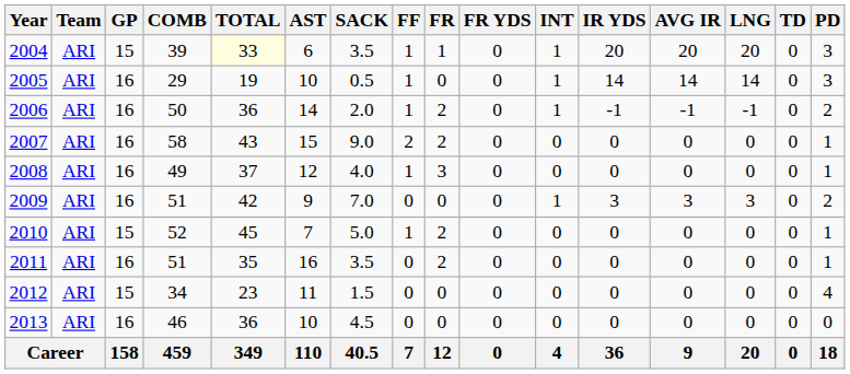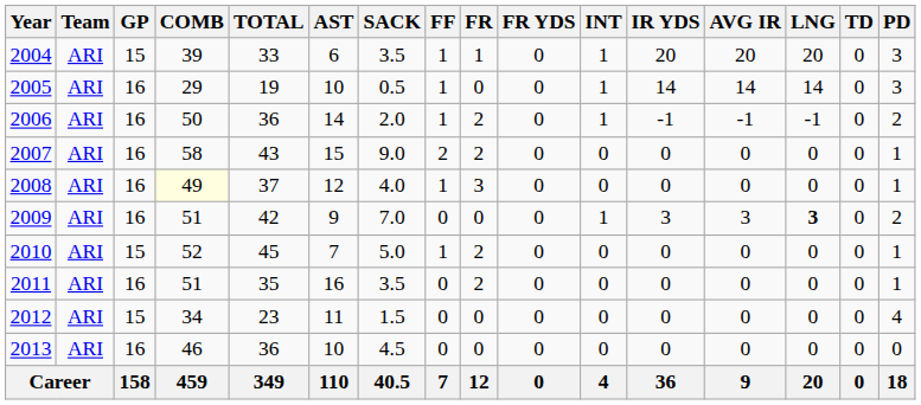 <table class="wikitable" style="text-align:center">
 <tr>
 <th>Year</th>
 <th>Team</th>
 <th>GP</th>
 <th>COMB</th>
 <th>TOTAL</th>
 <th>AST</th>
 <th>SACK</th>
 <th>FF</th>
 <th>FR</th>
 <th>FR YDS</th>
 <th>INT</th>
 <th>IR YDS</th>
 <th>AVG IR</th>
 <th>LNG</th>
 <th>TD</th>
 <th>PD</th>
 </tr>
 <tr>
 <td><a href='#'>2004</a></td>
 <td><a href='#'>ARI</a></td>
 <td>15</td>
 <td>39</td>
-<td style="background: lightyellow;">33</td>
+<td>33</td>
 <td>6</td>
 <td>3.5</td>
 <td>1</td>
 <td>1</td>
 <td>0</td>
 <td>1</td>
 <td>20</td>
 <td>20</td>
 <td>20</td>
 <td>0</td>
 <td>3</td>
 </tr>
 <tr>
 <td><a href='#'>2005</a></td>
 <td><a href='#'>ARI</a></td>
 <td>16</td>
 <td>29</td>
 <td>19</td>
 <td>10</td>
 <td>0.5</td>
 <td>1</td>
 <td>0</td>
 <td>0</td>
 <td>1</td>
 <td>14</td>
 <td>14</td>
 <td>14</td>
 <td>0</td>
 <td>3</td>
 </tr>
 <tr>
 <td><a href='#'>2006</a></td>
 <td><a href='#'>ARI</a></td>
 <td>16</td>
 <td>50</td>
 <td>36</td>
 <td>14</td>
 <td>2.0</td>
 <td>1</td>
 <td>2</td>
 <td>0</td>
 <td>1</td>
 <td>-1</td>
 <td>-1</td>
 <td>-1</td>
 <td>0</td>
 <td>2</td>
 </tr>
 <tr>
 <td><a href='#'>2007</a></td>
 <td><a href='#'>ARI</a></td>
 <td>16</td>
 <td>58</td>
 <td>43</td>
 <td>15</td>
 <td>9.0</td>
 <td>2</td>
 <td>2</td>
 <td>0</td>
 <td>0</td>
 <td>0</td>
 <td>0</td>
 <td>0</td>
 <td>0</td>
 <td>1</td>
 </tr>
 <tr>
 <td><a href='#'>2008</a></td>
 <td><a href='#'>ARI</a></td>
 <td>16</td>
-<td>49</td>
+<td style="background: lightyellow;">49</td>
 <td>37</td>
 <td>12</td>
 <td>4.0</td>
 <td>1</td>
 <td>3</td>
 <td>0</td>
 <td>0</td>
 <td>0</td>
 <td>0</td>
 <td>0</td>
 <td>0</td>
 <td>1</td>
 </tr>
 <tr>
 <td><a href='#'>2009</a></td>
 <td><a href='#'>ARI</a></td>
 <td>16</td>
 <td>51</td>
 <td>42</td>
 <td>9</td>
 <td>7.0</td>
 <td>0</td>
 <td>0</td>
 <td>0</td>
 <td>1</td>
 <td>3</td>
 <td>3</td>
-<td>3</td>
+<td><strong>3</strong></td>
 <td>0</td>
 <td>2</td>
 </tr>
 <tr>
 <td><a href='#'>2010</a></td>
 <td><a href='#'>ARI</a></td>
 <td>15</td>
 <td>52</td>
 <td>45</td>
 <td>7</td>
 <td>5.0</td>
 <td>1</td>
 <td>2</td>
 <td>0</td>
 <td>0</td>
 <td>0</td>
 <td>0</td>
 <td>0</td>
 <td>0</td>
 <td>1</td>
 </tr>
 <tr>
 <td><a href='#'>2011</a></td>
 <td><a href='#'>ARI</a></td>
 <td>16</td>
 <td>51</td>
 <td>35</td>
 <td>16</td>
 <td>3.5</td>
 <td>0</td>
 <td>2</td>
 <td>0</td>
 <td>0</td>
 <td>0</td>
 <td>0</td>
 <td>0</td>
 <td>0</td>
 <td>1</td>
 </tr>
 <tr>
 <td><a href='#'>2012</a></td>
 <td><a href='#'>ARI</a></td>
 <td>15</td>
 <td>34</td>
 <td>23</td>
 <td>11</td>
 <td>1.5</td>
 <td>0</td>
 <td>0</td>
 <td>0</td>
 <td>0</td>
 <td>0</td>
 <td>0</td>
 <td>0</td>
 <td>0</td>
 <td>4</td>
 </tr>
 <tr>
 <td><a href='#'>2013</a></td>
 <td><a href='#'>ARI</a></td>
 <td>16</td>
 <td>46</td>
 <td>36</td>
 <td>10</td>
 <td>4.5</td>
 <td>0</td>
 <td>0</td>
 <td>0</td>
 <td>0</td>
 <td>0</td>
 <td>0</td>
 <td>0</td>
 <td>0</td>
 <td>0</td>
 </tr>
 <tr>
 <th colspan="2">Career</th>
 <th>158</th>
 <th>459</th>
 <th>349</th>
 <th>110</th>
 <th>40.5</th>
 <th>7</th>
 <th>12</th>
 <th>0</th>
 <th>4</th>
 <th>36</th>
 <th>9</th>
 <th>20</th>
 <th>0</th>
 <th>18</th>
 </tr>
 </table>
